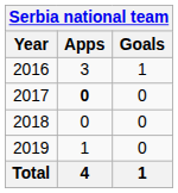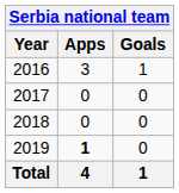 <table class="wikitable" style="text-align:center">
 <tr>
 <th colspan=3><a href='#'>Serbia national team</a></th>
 </tr>
 <tr>
 <th>Year</th>
 <th>Apps</th>
 <th>Goals</th>
 </tr>
 <tr>
 <td>2016</td>
 <td>3</td>
 <td>1</td>
 </tr>
 <tr>
 <td>2017</td>
-<td><strong>0</strong></td>
+<td>0</td>
 <td>0</td>
 </tr>
 <tr>
 <td>2018</td>
 <td>0</td>
 <td>0</td>
 </tr>
 <tr>
 <td>2019</td>
-<td>1</td>
+<td><strong>1</strong></td>
 <td>0</td>
 </tr>
 <tr>
 <th>Total</th>
 <th>4</th>
 <th>1</th>
 </tr>
 </table>
